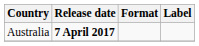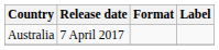 <table class="wikitable">
 <tr>
 <th>Country</th>
 <th>Release date</th>
 <th>Format</th>
 <th>Label</th>
 </tr>
 <tr>
 <td>Australia</td>
-<td><strong>7 April 2017</strong></td>
+<td>7 April 2017</td>
 <td></td>
 <td></td>
 </tr>
 <tr>
 </tr>
 </table>
